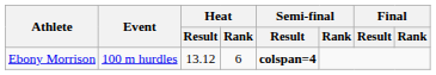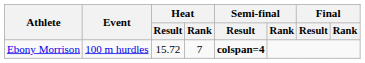 <table class=wikitable style=font-size:90%>
 <tr>
 <th rowspan=2>Athlete</th>
 <th rowspan=2>Event</th>
 <th colspan=2>Heat</th>
 <th colspan=2>Semi-final</th>
 <th colspan=2>Final</th>
 </tr>
 <tr style=font-size:95%>
 <th>Result</th>
 <th>Rank</th>
 <th>Result</th>
 <th>Rank</th>
 <th>Result</th>
 <th>Rank</th>
 </tr>
 <tr align=center>
 <td align=left><a href='#'>Ebony Morrison</a></td>
 <td align=left><a href='#'>100 m hurdles</a></td>
-<td>13.12</td>
-<td>6</td>
+<td>15.72</td>
+<td>7</td>
 <td><strong>colspan=4 </strong></td>
 </tr>
 </table>
